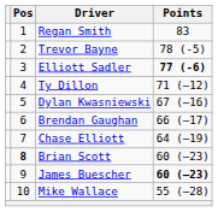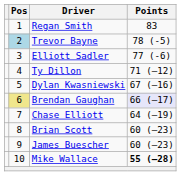 <table class="wikitable" style="font-size: 95%;">
 <tr>
 <th></th>
 <th>Pos</th>
 <th>Driver</th>
 <th>Points</th>
 </tr>
 <tr>
 <td align="left"></td>
 <td style="text-align:center;">1</td>
 <td><a href='#'>Regan Smith</a></td>
 <td style="text-align:center;">83</td>
 </tr>
 <tr>
 <td align="left"></td>
-<td style="text-align:center;">2</td>
+<td style="background: lightblue; text-align:center;">2</td>
 <td><a href='#'>Trevor Bayne</a></td>
 <td style="text-align:center;">78 (-5)</td>
 </tr>
 <tr>
 <td align="left"></td>
 <td style="text-align:center;">3</td>
 <td><a href='#'>Elliott Sadler</a></td>
-<td style="text-align:center;"><strong>77 (-6)</strong></td>
+<td style="text-align:center;">77 (-6)</td>
 </tr>
 <tr>
 <td align="left"></td>
 <td style="text-align:center;">4</td>
 <td><a href='#'>Ty Dillon</a></td>
 <td style="text-align:center;">71 (–12)</td>
 </tr>
 <tr>
 <td align="left"></td>
 <td style="text-align:center;">5</td>
 <td><a href='#'>Dylan Kwasniewski</a></td>
 <td style="text-align:center;">67 (–16)</td>
 </tr>
 <tr>
 <td align="left"></td>
-<td style="text-align:center;">6</td>
+<td style="background: khaki; text-align:center;">6</td>
 <td><a href='#'>Brendan Gaughan</a></td>
-<td style="text-align:center;">66 (–17)</td>
+<td style="background: lavender; text-align:center;">66 (–17)</td>
 </tr>
 <tr>
 <td align="left"></td>
 <td style="text-align:center;">7</td>
 <td><a href='#'>Chase Elliott</a></td>
 <td style="text-align:center;">64 (–19)</td>
 </tr>
 <tr>
 <td align="left"></td>
-<td style="text-align:center;"><strong>8</strong></td>
+<td style="text-align:center;">8</td>
 <td><a href='#'>Brian Scott</a></td>
 <td style="text-align:center;">60 (–23)</td>
 </tr>
 <tr>
 <td align="left"></td>
 <td style="text-align:center;">9</td>
 <td><a href='#'>James Buescher</a></td>
-<td style="text-align:center;"><strong>60 (–23)</strong></td>
+<td style="text-align:center;">60 (–23)</td>
 </tr>
 <tr>
 <td align="left"></td>
 <td style="text-align:center;">10</td>
 <td><a href='#'>Mike Wallace</a></td>
-<td style="text-align:center;">55 (–28)</td>
+<td style="text-align:center;"><strong>55 (–28)</strong></td>
 </tr>
 <tr class="sortbottom">
 <th colspan="9"></th>
 </tr>
 </table>
